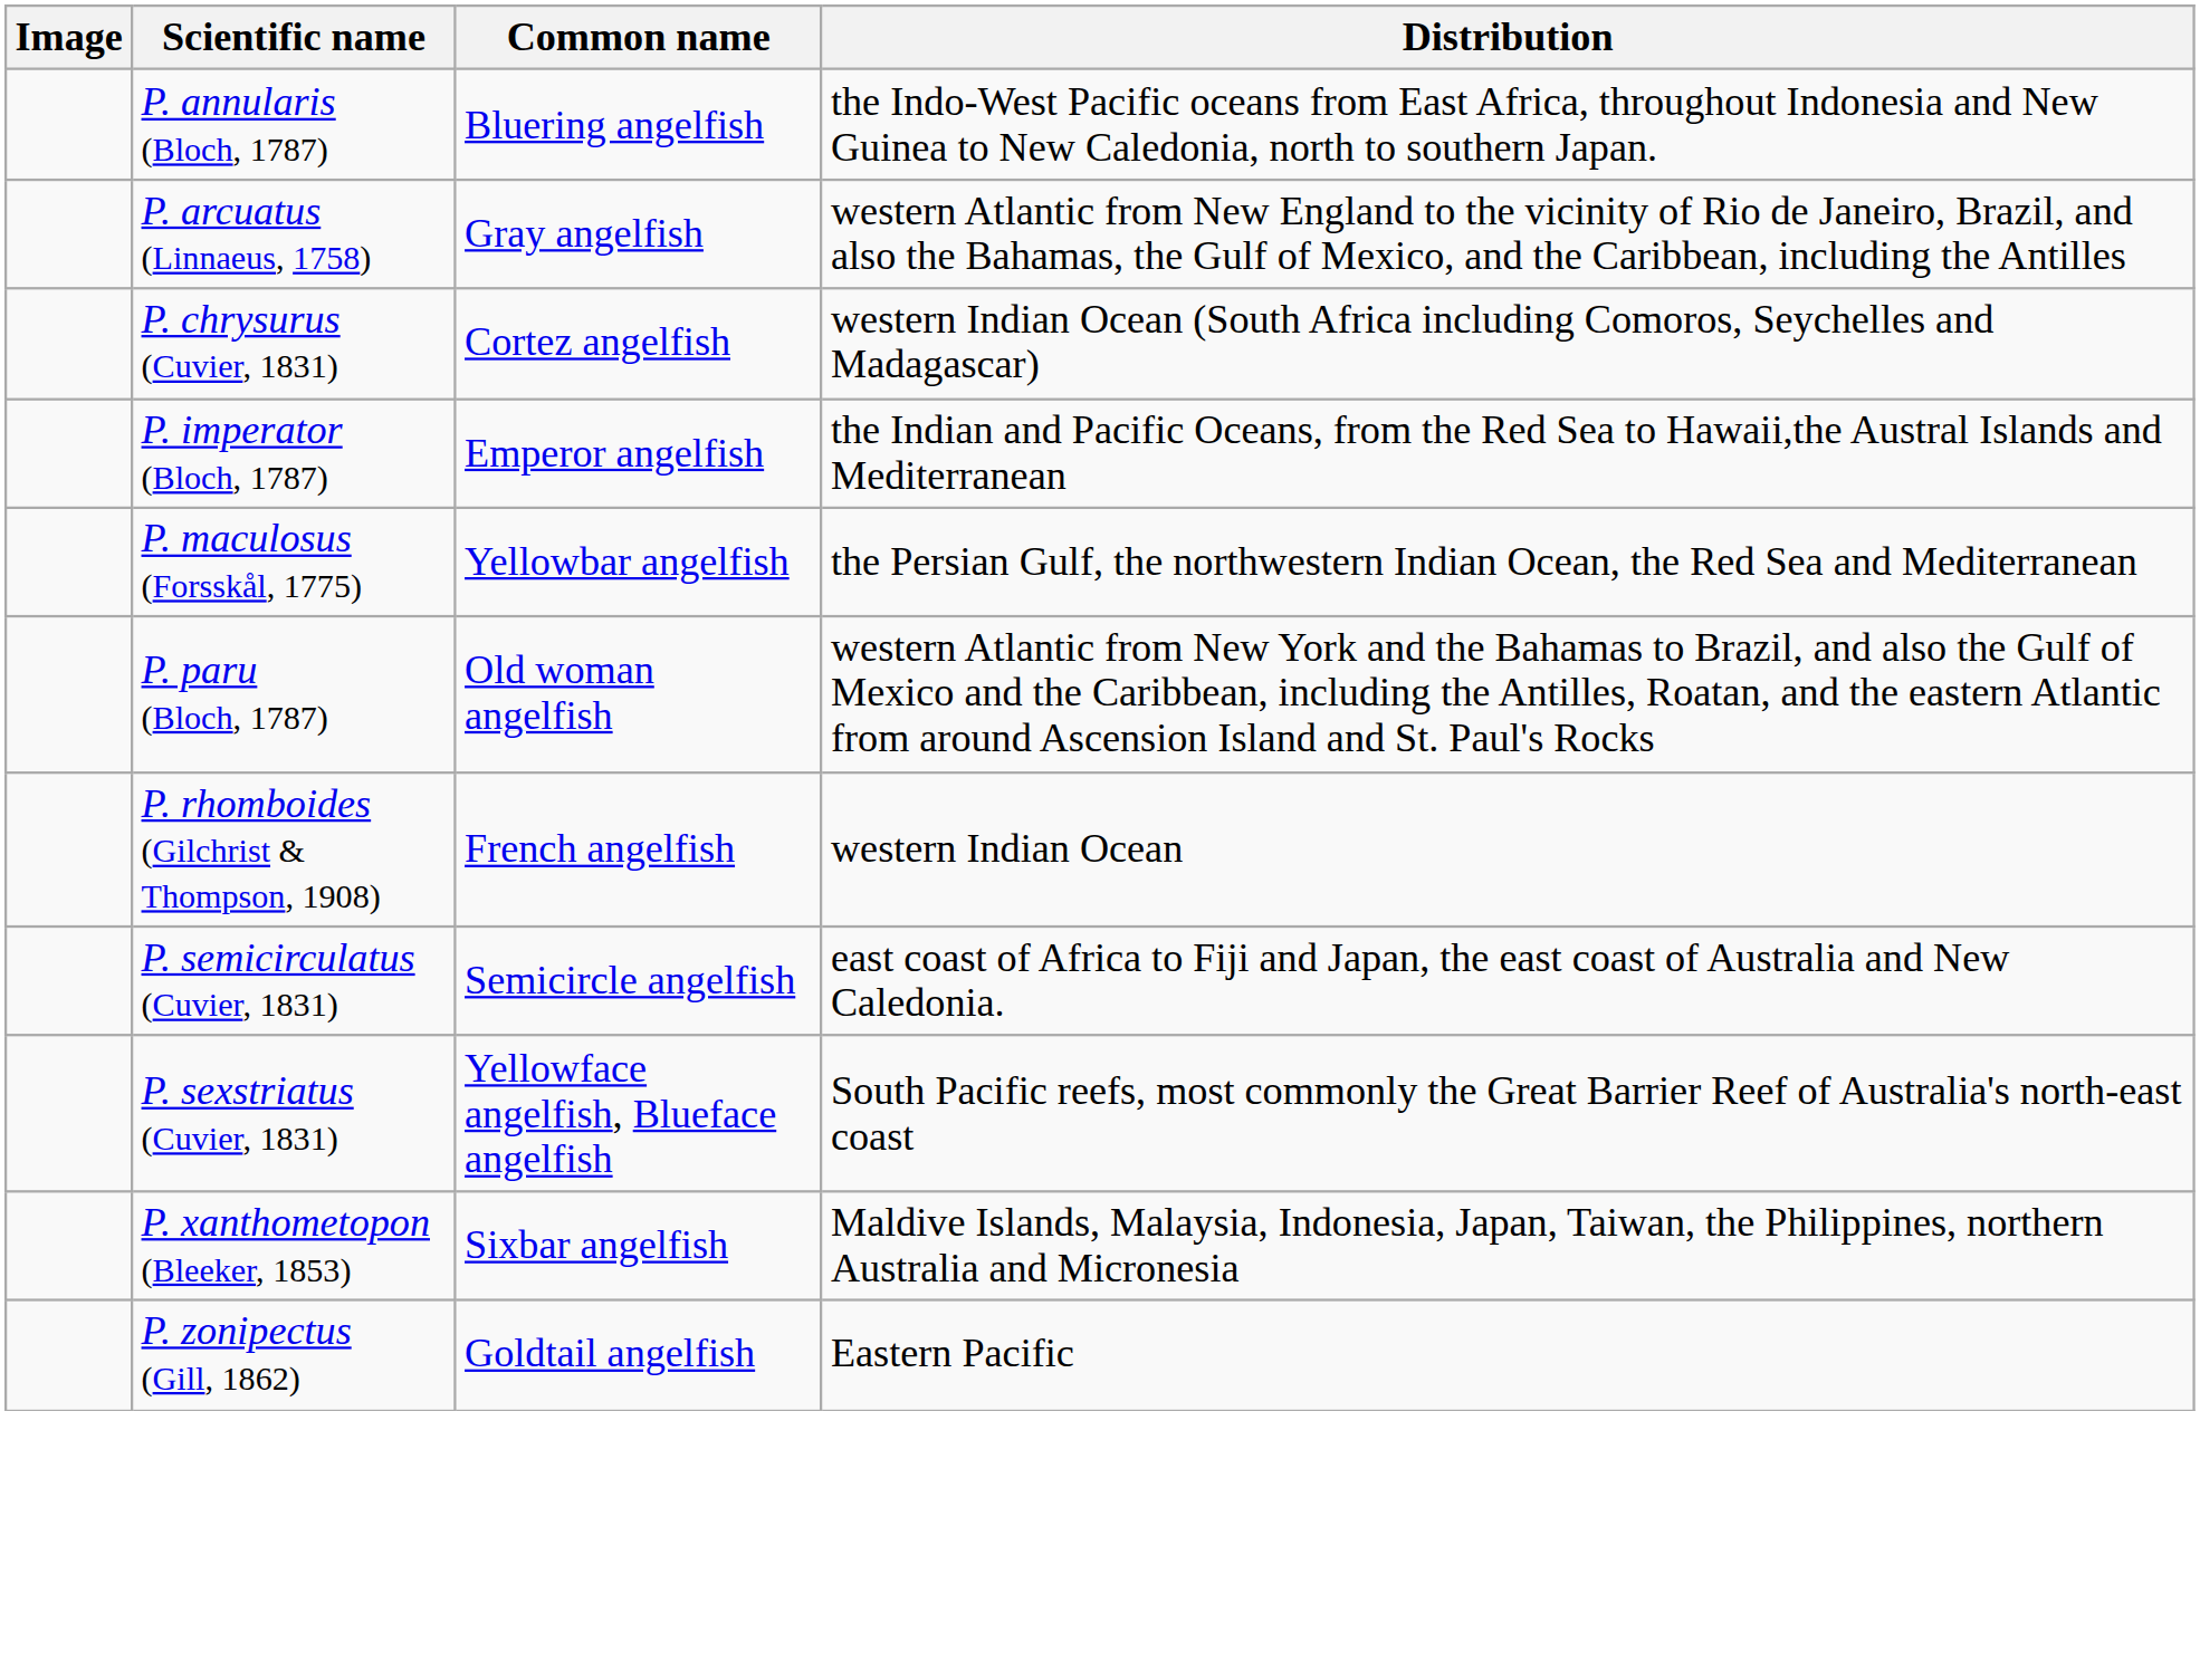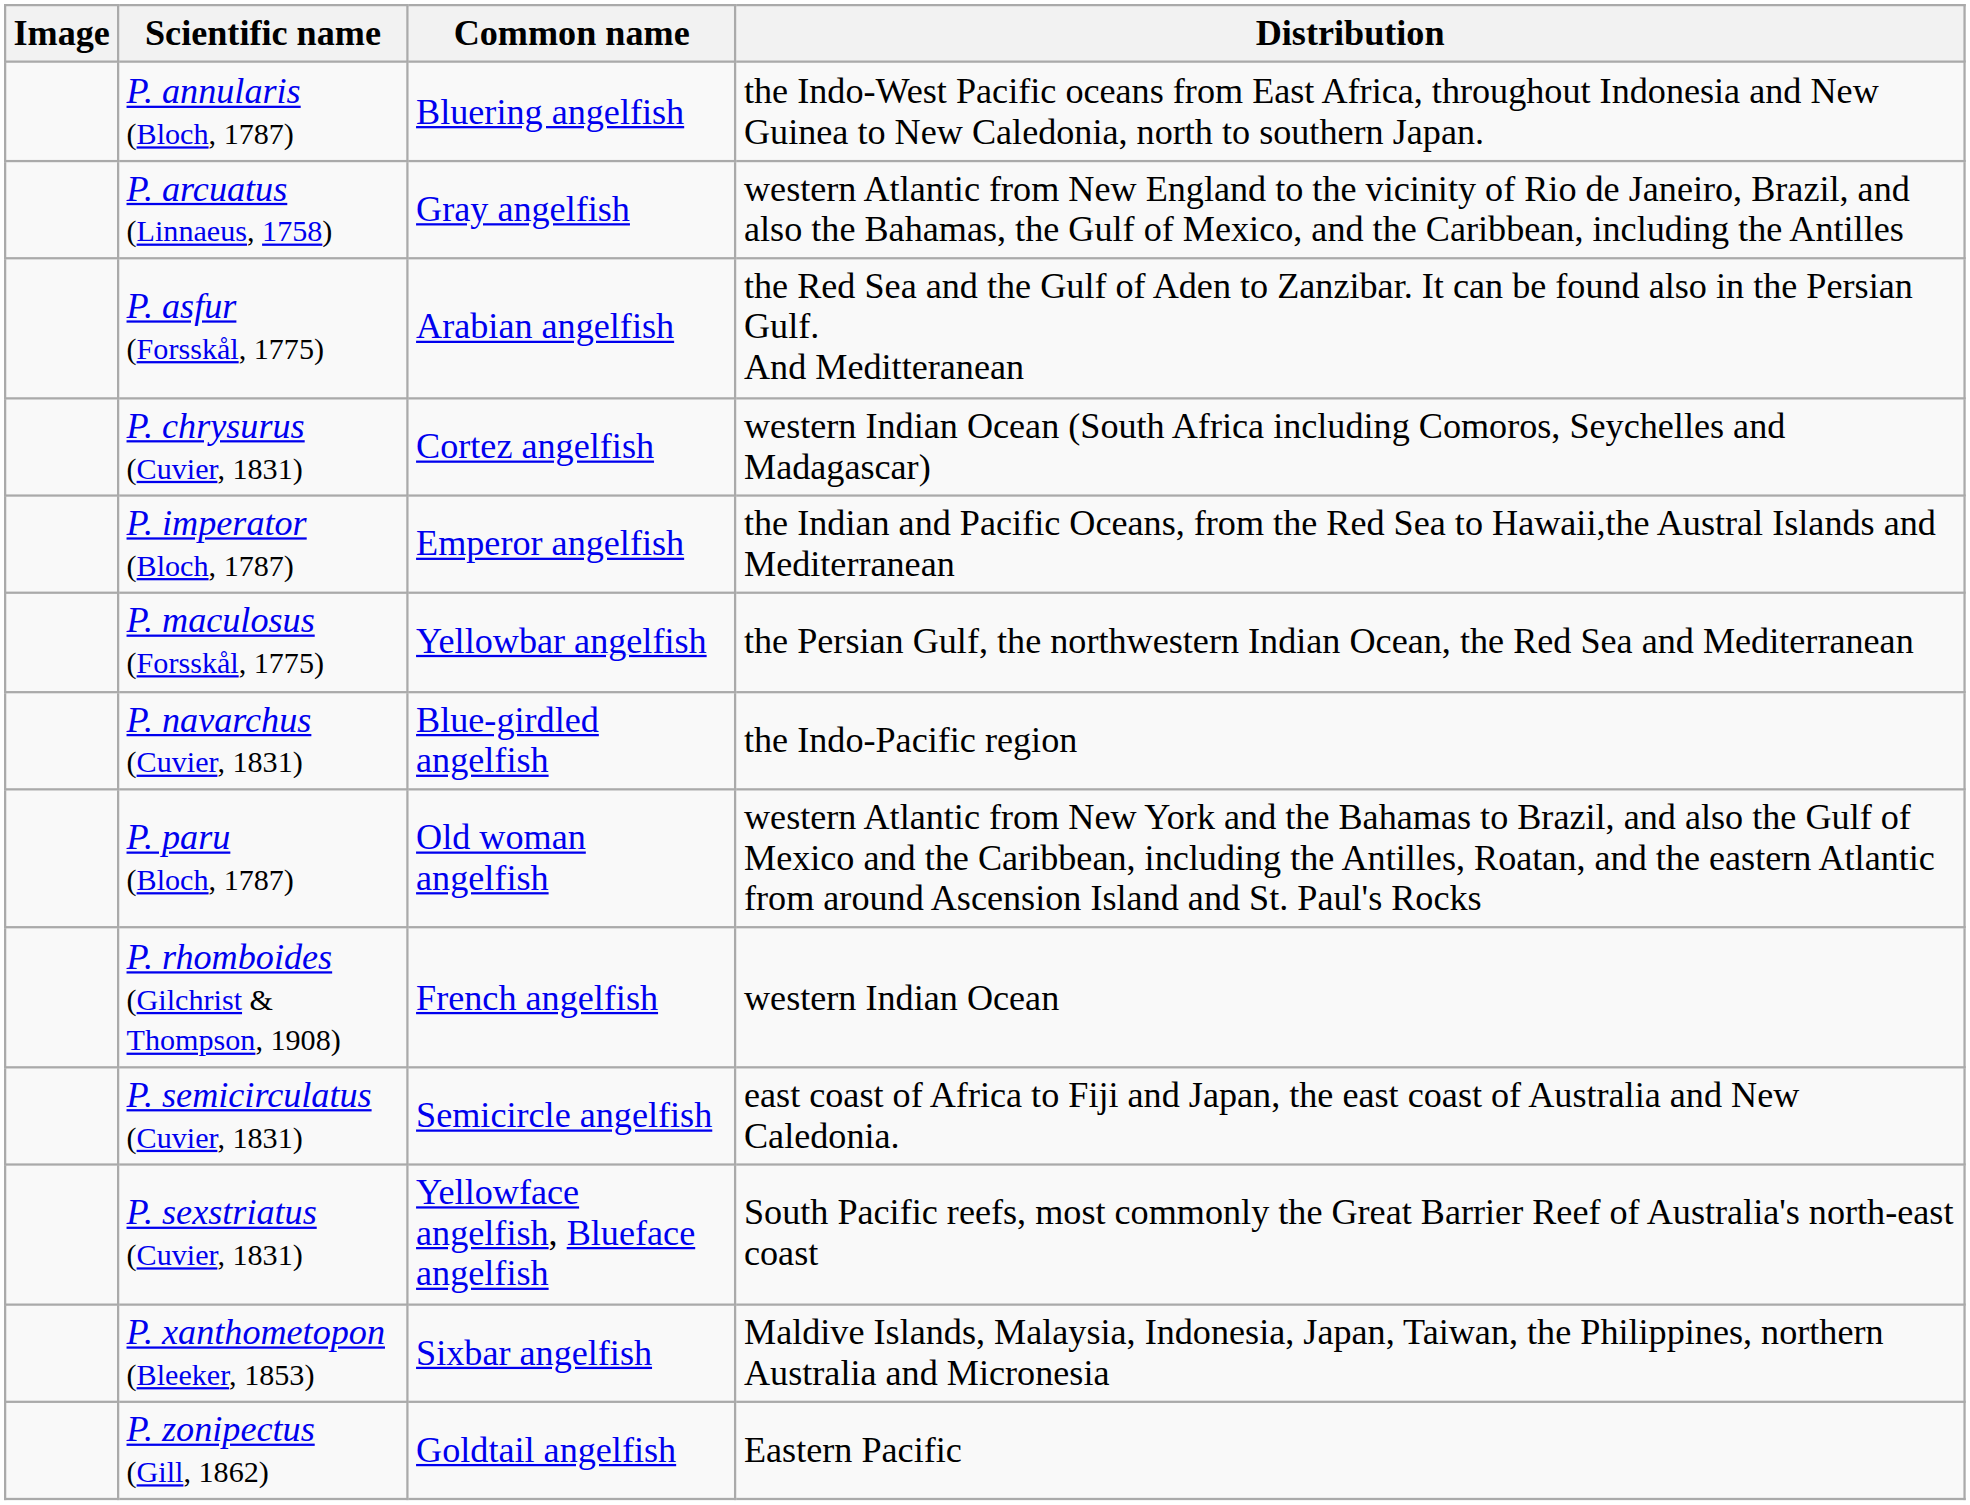 <table class="wikitable">
 <tr>
 <th>Image</th>
 <th>Scientific name</th>
 <th>Common name</th>
 <th>Distribution</th>
 </tr>
 <tr>
 <td></td>
 <td><em><a href='#'>P. annularis</a></em><br><small>(<a href='#'>Bloch</a>, 1787)</small></td>
 <td><a href='#'>Bluering angelfish</a></td>
 <td>the Indo-West Pacific oceans from East Africa, throughout Indonesia and New Guinea to New Caledonia, north to southern Japan.</td>
 </tr>
 <tr>
 <td></td>
 <td><em><a href='#'>P. arcuatus</a></em><br><small>(<a href='#'>Linnaeus</a>, <a href='#'>1758</a>)</small></td>
 <td><a href='#'>Gray angelfish</a></td>
 <td>western Atlantic from New England to the vicinity of Rio de Janeiro, Brazil, and also the Bahamas, the Gulf of Mexico, and the Caribbean, including the Antilles</td>
 </tr>
 <tr>
 <td></td>
+<td><em><a href='#'>P. asfur</a></em><br><small>(<a href='#'>Forsskål</a>, 1775)</small></td>
+<td><a href='#'>Arabian angelfish</a></td>
+<td>the Red Sea and the Gulf of Aden to Zanzibar. It can be found also in the Persian Gulf.<br>And Meditteranean</td>
+</tr>
+<tr>
+<td></td>
 <td><em><a href='#'>P. chrysurus</a></em><br><small>(<a href='#'>Cuvier</a>, 1831)</small></td>
 <td><a href='#'>Cortez angelfish</a></td>
 <td>western Indian Ocean (South Africa including Comoros, Seychelles and Madagascar)</td>
 </tr>
 <tr>
 <td></td>
 <td><em><a href='#'>P. imperator</a></em><br><small>(<a href='#'>Bloch</a>, 1787)</small></td>
 <td><a href='#'>Emperor angelfish</a></td>
 <td>the Indian and Pacific Oceans, from the Red Sea to Hawaii,the Austral Islands and<br>Mediterranean</td>
 </tr>
 <tr>
 <td></td>
 <td><em><a href='#'>P. maculosus</a></em><br><small>(<a href='#'>Forsskål</a>, 1775)</small></td>
 <td><a href='#'>Yellowbar angelfish</a></td>
 <td>the Persian Gulf, the northwestern Indian Ocean,  the Red Sea and Mediterranean</td>
+</tr>
+<tr>
+<td></td>
+<td><em><a href='#'>P. navarchus</a></em><br><small>(<a href='#'>Cuvier</a>, 1831)</small></td>
+<td><a href='#'>Blue-girdled angelfish</a></td>
+<td>the Indo-Pacific region</td>
 </tr>
 <tr>
 <td></td>
 <td><em><a href='#'>P. paru</a></em><br><small>(<a href='#'>Bloch</a>, 1787)</small></td>
 <td><a href='#'>Old woman angelfish</a></td>
 <td>western Atlantic from New York and the Bahamas to Brazil, and also the Gulf of Mexico and the Caribbean, including the Antilles, Roatan, and the eastern Atlantic from around Ascension Island and St. Paul's Rocks</td>
 </tr>
 <tr>
 <td></td>
 <td><em><a href='#'>P. rhomboides</a></em><br><small>(<a href='#'>Gilchrist</a> & <a href='#'>Thompson</a>, 1908)</small></td>
 <td><a href='#'>French angelfish</a></td>
 <td>western Indian Ocean</td>
 </tr>
 <tr>
 <td></td>
 <td><em><a href='#'>P. semicirculatus</a></em><br><small>(<a href='#'>Cuvier</a>, 1831)</small></td>
 <td><a href='#'>Semicircle angelfish</a></td>
 <td>east coast of Africa to Fiji and Japan, the east coast of Australia and New Caledonia.</td>
 </tr>
 <tr>
 <td></td>
 <td><em><a href='#'>P. sexstriatus</a></em><br><small>(<a href='#'>Cuvier</a>, 1831)</small></td>
 <td><a href='#'>Yellowface angelfish</a>, <a href='#'>Blueface angelfish</a></td>
 <td>South Pacific reefs, most commonly the Great Barrier Reef of Australia's north-east coast</td>
 </tr>
 <tr>
 <td></td>
 <td><em><a href='#'>P. xanthometopon</a></em><br><small>(<a href='#'>Bleeker</a>, 1853)</small></td>
 <td><a href='#'>Sixbar angelfish</a></td>
 <td>Maldive Islands, Malaysia, Indonesia, Japan, Taiwan, the Philippines, northern Australia and Micronesia</td>
 </tr>
 <tr>
 <td></td>
 <td><em><a href='#'>P. zonipectus</a></em><br><small>(<a href='#'>Gill</a>, 1862)</small></td>
 <td><a href='#'>Goldtail angelfish</a></td>
 <td>Eastern Pacific</td>
 </tr>
 </table>
